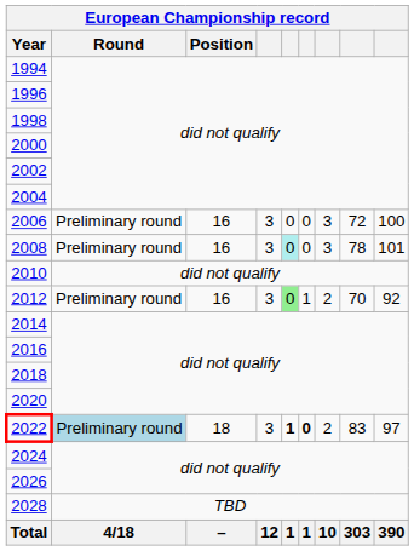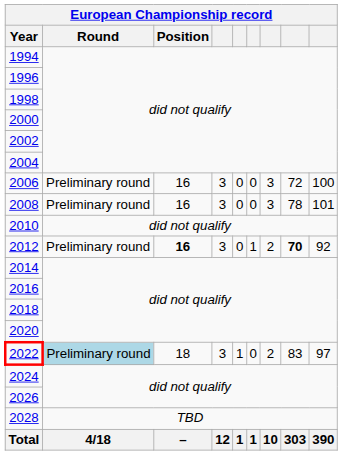 <table class="wikitable" style="text-align: center;">
 <tr>
 <th colspan=9><a href='#'>European Championship record</a></th>
 </tr>
 <tr>
 <th>Year</th>
 <th>Round</th>
 <th>Position</th>
 <th></th>
 <th></th>
 <th></th>
 <th></th>
 <th></th>
 <th></th>
 </tr>
 <tr>
 <td> <a href='#'>1994</a></td>
 <td colspan="8" rowspan="6"><em>did not qualify</em></td>
 </tr>
 <tr>
 <td> <a href='#'>1996</a></td>
 </tr>
 <tr>
 <td> <a href='#'>1998</a></td>
 </tr>
 <tr>
 <td> <a href='#'>2000</a></td>
 </tr>
 <tr>
 <td> <a href='#'>2002</a></td>
 </tr>
 <tr>
 <td> <a href='#'>2004</a></td>
 </tr>
 <tr>
 <td> <a href='#'>2006</a></td>
 <td>Preliminary round</td>
 <td>16</td>
 <td>3</td>
 <td>0</td>
 <td>0</td>
 <td>3</td>
 <td>72</td>
 <td>100</td>
 </tr>
 <tr>
 <td> <a href='#'>2008</a></td>
 <td>Preliminary round</td>
 <td>16</td>
 <td>3</td>
-<td style="background: paleturquoise;">0</td>
+<td>0</td>
 <td>0</td>
 <td>3</td>
 <td>78</td>
 <td>101</td>
 </tr>
 <tr>
 <td> <a href='#'>2010</a></td>
 <td colspan="8"><em>did not qualify</em></td>
 </tr>
 <tr>
 <td> <a href='#'>2012</a></td>
 <td>Preliminary round</td>
-<td>16</td>
+<td><strong>16</strong></td>
 <td>3</td>
-<td style="background: lightgreen;">0</td>
+<td>0</td>
 <td>1</td>
 <td>2</td>
-<td>70</td>
+<td><strong>70</strong></td>
 <td>92</td>
 </tr>
 <tr>
 <td> <a href='#'>2014</a></td>
 <td colspan="8" rowspan="4"><em>did not qualify</em></td>
 </tr>
 <tr>
 <td> <a href='#'>2016</a></td>
 </tr>
 <tr>
 <td> <a href='#'>2018</a></td>
 </tr>
 <tr>
 <td> <a href='#'>2020</a></td>
 </tr>
 <tr>
 <td style="border: 3px solid red"> <a href='#'>2022</a></td>
 <td style="background: lightblue;">Preliminary round</td>
 <td>18</td>
 <td>3</td>
-<td><strong>1</strong></td>
-<td><strong>0</strong></td>
+<td>1</td>
+<td>0</td>
 <td>2</td>
 <td>83</td>
 <td>97</td>
 </tr>
 <tr>
 <td> <a href='#'>2024</a></td>
 <td colspan="8" rowspan=2><em>did not qualify</em></td>
 </tr>
 <tr>
 <td> <a href='#'>2026</a></td>
 </tr>
 <tr>
 <td> <a href='#'>2028</a></td>
 <td colspan="8"><em>TBD</em></td>
 </tr>
 <tr>
 <th>Total</th>
 <th>4/18</th>
 <th>–</th>
 <th>12</th>
 <th>1</th>
 <th>1</th>
 <th>10</th>
 <th>303</th>
 <th>390</th>
 </tr>
 </table>
